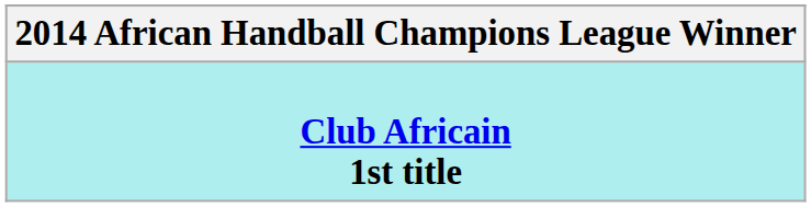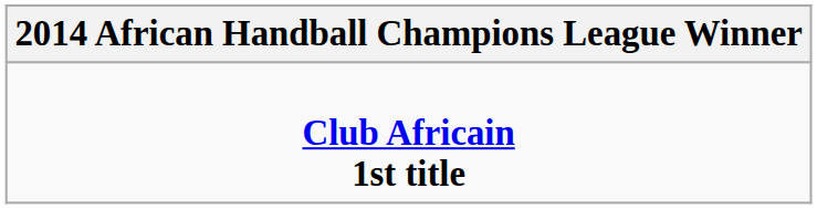 <table class=wikitable style="text-align:center; margin:auto">
 <tr>
 <th>2014 African Handball Champions League Winner</th>
 </tr>
 <tr>
-<td style="background: paleturquoise;"><br><strong><a href='#'>Club Africain</a></strong><br><strong>1st title</strong></td>
+<td><br><strong><a href='#'>Club Africain</a></strong><br><strong>1st title</strong></td>
 </tr>
 </table>
